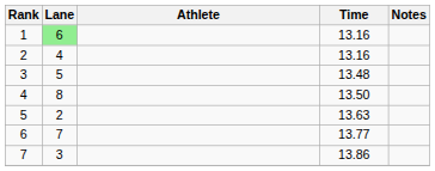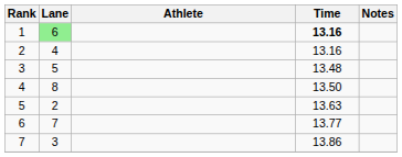 <table class="wikitable" style="text-align:center">
 <tr>
 <th>Rank</th>
 <th>Lane</th>
 <th width=300>Athlete</th>
 <th width=80>Time</th>
 <th>Notes</th>
 </tr>
 <tr>
 <td>1</td>
 <td style="background: lightgreen;">6</td>
 <td align=left></td>
-<td>13.16</td>
+<td><strong>13.16</strong></td>
 <td></td>
 </tr>
 <tr>
 <td>2</td>
 <td>4</td>
 <td align=left></td>
 <td>13.16</td>
 <td></td>
 </tr>
 <tr>
 <td>3</td>
 <td>5</td>
 <td align=left></td>
 <td>13.48</td>
 <td></td>
 </tr>
 <tr>
 <td>4</td>
 <td>8</td>
 <td align=left></td>
 <td>13.50</td>
 <td></td>
 </tr>
 <tr>
 <td>5</td>
 <td>2</td>
 <td align=left></td>
 <td>13.63</td>
 <td></td>
 </tr>
 <tr>
 <td>6</td>
 <td>7</td>
 <td align=left></td>
 <td>13.77</td>
 <td></td>
 </tr>
 <tr>
 <td>7</td>
 <td>3</td>
 <td align=left></td>
 <td>13.86</td>
 <td></td>
 </tr>
 <tr>
 </tr>
 </table>
